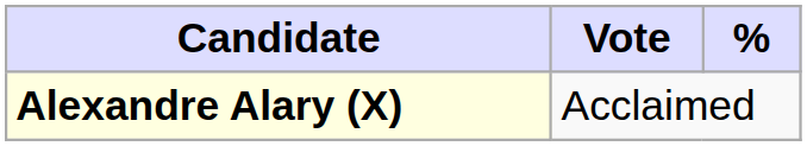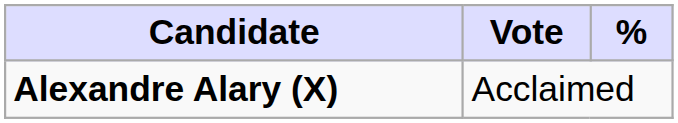 <table class="wikitable">
 <tr>
 <th style="background:#ddf; width:200px;">Candidate</th>
 <th style="background:#ddf; width:50px;">Vote</th>
 <th style="background:#ddf; width:30px;">%</th>
 </tr>
 <tr>
-<td style="background: lightyellow;"><strong>Alexandre Alary (X)</strong></td>
+<td><strong>Alexandre Alary (X)</strong></td>
 <td colspan="2">Acclaimed</td>
 </tr>
 </table>
